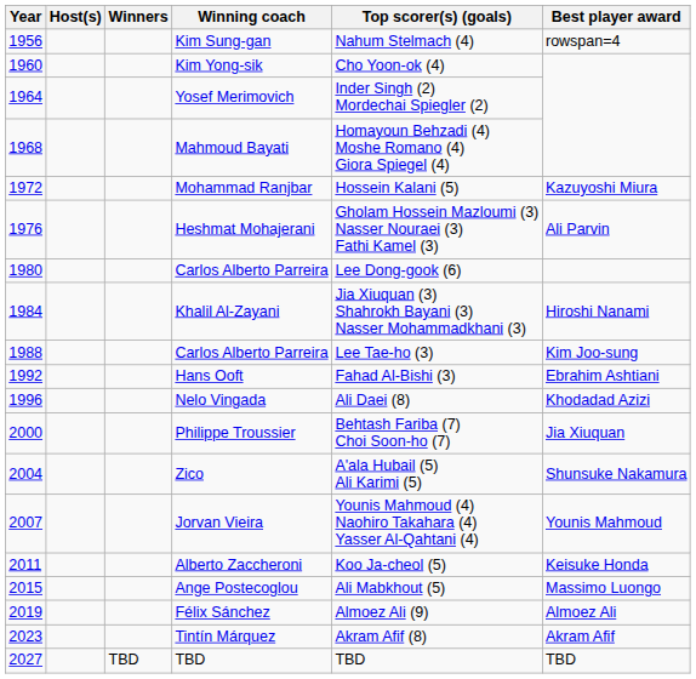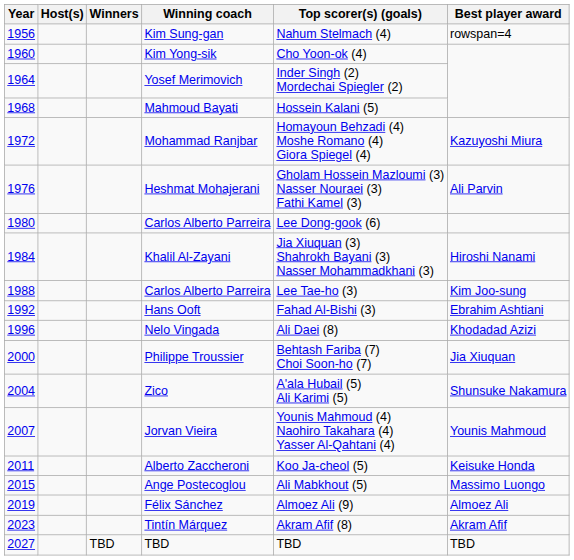 <table class="wikitable sortable">
 <tr>
 <th>Year</th>
 <th>Host(s)</th>
 <th>Winners</th>
 <th>Winning coach</th>
 <th>Top scorer(s) (goals)</th>
 <th>Best player award</th>
 </tr>
 <tr>
 <td><a href='#'>1956</a></td>
 <td></td>
 <td></td>
 <td> <a href='#'>Kim Sung-gan</a></td>
 <td> <a href='#'>Nahum Stelmach</a> (4)</td>
 <td>rowspan=4 </td>
 </tr>
 <tr>
 <td><a href='#'>1960</a></td>
 <td></td>
 <td></td>
 <td> <a href='#'>Kim Yong-sik</a></td>
 <td> <a href='#'>Cho Yoon-ok</a> (4)</td>
 </tr>
 <tr>
 <td><a href='#'>1964</a></td>
 <td></td>
 <td></td>
 <td> <a href='#'>Yosef Merimovich</a></td>
 <td> <a href='#'>Inder Singh</a> (2) <br>  <a href='#'>Mordechai Spiegler</a> (2)</td>
 </tr>
 <tr>
 <td><a href='#'>1968</a></td>
 <td></td>
 <td></td>
 <td> <a href='#'>Mahmoud Bayati</a></td>
-<td> <a href='#'>Homayoun Behzadi</a> (4) <br>  <a href='#'>Moshe Romano</a> (4) <br>  <a href='#'>Giora Spiegel</a> (4)</td>
+<td> <a href='#'>Hossein Kalani</a> (5)</td>
 </tr>
 <tr>
 <td><a href='#'>1972</a></td>
 <td></td>
 <td></td>
 <td> <a href='#'>Mohammad Ranjbar</a></td>
-<td> <a href='#'>Hossein Kalani</a> (5)</td>
+<td> <a href='#'>Homayoun Behzadi</a> (4) <br>  <a href='#'>Moshe Romano</a> (4) <br>  <a href='#'>Giora Spiegel</a> (4)</td>
 <td> <a href='#'>Kazuyoshi Miura</a></td>
 </tr>
 <tr>
 <td><a href='#'>1976</a></td>
 <td></td>
 <td></td>
 <td> <a href='#'>Heshmat Mohajerani</a></td>
 <td> <a href='#'>Gholam Hossein Mazloumi</a> (3) <br>  <a href='#'>Nasser Nouraei</a> (3) <br>  <a href='#'>Fathi Kamel</a> (3)</td>
 <td> <a href='#'>Ali Parvin</a></td>
 </tr>
 <tr>
 <td><a href='#'>1980</a></td>
 <td></td>
 <td></td>
 <td> <a href='#'>Carlos Alberto Parreira</a></td>
 <td> <a href='#'>Lee Dong-gook</a> (6)</td>
 <td></td>
 </tr>
 <tr>
 <td><a href='#'>1984</a></td>
 <td></td>
 <td></td>
 <td> <a href='#'>Khalil Al-Zayani</a></td>
 <td> <a href='#'>Jia Xiuquan</a> (3) <br>  <a href='#'>Shahrokh Bayani</a> (3) <br>  <a href='#'>Nasser Mohammadkhani</a> (3)</td>
 <td> <a href='#'>Hiroshi Nanami</a></td>
 </tr>
 <tr>
 <td><a href='#'>1988</a></td>
 <td></td>
 <td></td>
 <td> <a href='#'>Carlos Alberto Parreira</a></td>
 <td> <a href='#'>Lee Tae-ho</a> (3)</td>
 <td> <a href='#'>Kim Joo-sung</a></td>
 </tr>
 <tr>
 <td><a href='#'>1992</a></td>
 <td></td>
 <td></td>
 <td> <a href='#'>Hans Ooft</a></td>
 <td> <a href='#'>Fahad Al-Bishi</a> (3)</td>
 <td> <a href='#'>Ebrahim Ashtiani</a></td>
 </tr>
 <tr>
 <td><a href='#'>1996</a></td>
 <td></td>
 <td></td>
 <td> <a href='#'>Nelo Vingada</a></td>
 <td> <a href='#'>Ali Daei</a> (8)</td>
 <td> <a href='#'>Khodadad Azizi</a></td>
 </tr>
 <tr>
 <td><a href='#'>2000</a></td>
 <td></td>
 <td></td>
 <td> <a href='#'>Philippe Troussier</a></td>
 <td> <a href='#'>Behtash Fariba</a> (7) <br>  <a href='#'>Choi Soon-ho</a> (7)</td>
 <td> <a href='#'>Jia Xiuquan</a></td>
 </tr>
 <tr>
 <td><a href='#'>2004</a></td>
 <td></td>
 <td></td>
 <td> <a href='#'>Zico</a></td>
 <td> <a href='#'>A'ala Hubail</a> (5) <br>  <a href='#'>Ali Karimi</a> (5)</td>
 <td> <a href='#'>Shunsuke Nakamura</a></td>
 </tr>
 <tr>
 <td><a href='#'>2007</a></td>
 <td><br><br><br></td>
 <td></td>
 <td> <a href='#'>Jorvan Vieira</a></td>
 <td> <a href='#'>Younis Mahmoud</a> (4) <br>  <a href='#'>Naohiro Takahara</a> (4) <br>  <a href='#'>Yasser Al-Qahtani</a> (4)</td>
 <td> <a href='#'>Younis Mahmoud</a></td>
 </tr>
 <tr>
 <td><a href='#'>2011</a></td>
 <td></td>
 <td></td>
 <td> <a href='#'>Alberto Zaccheroni</a></td>
 <td> <a href='#'>Koo Ja-cheol</a> (5)</td>
 <td> <a href='#'>Keisuke Honda</a></td>
 </tr>
 <tr>
 <td><a href='#'>2015</a></td>
 <td></td>
 <td></td>
 <td> <a href='#'>Ange Postecoglou</a></td>
 <td> <a href='#'>Ali Mabkhout</a> (5)</td>
 <td> <a href='#'>Massimo Luongo</a></td>
 </tr>
 <tr>
 <td><a href='#'>2019</a></td>
 <td></td>
 <td></td>
 <td> <a href='#'>Félix Sánchez</a></td>
 <td> <a href='#'>Almoez Ali</a> (9)</td>
 <td> <a href='#'>Almoez Ali</a></td>
 </tr>
 <tr>
 <td><a href='#'>2023</a></td>
 <td></td>
 <td></td>
 <td> <a href='#'>Tintín Márquez</a></td>
 <td> <a href='#'>Akram Afif</a> (8)</td>
 <td> <a href='#'>Akram Afif</a></td>
 </tr>
 <tr>
 <td><a href='#'>2027</a></td>
 <td></td>
 <td>TBD</td>
 <td>TBD</td>
 <td>TBD</td>
 <td>TBD</td>
 </tr>
 </table>
